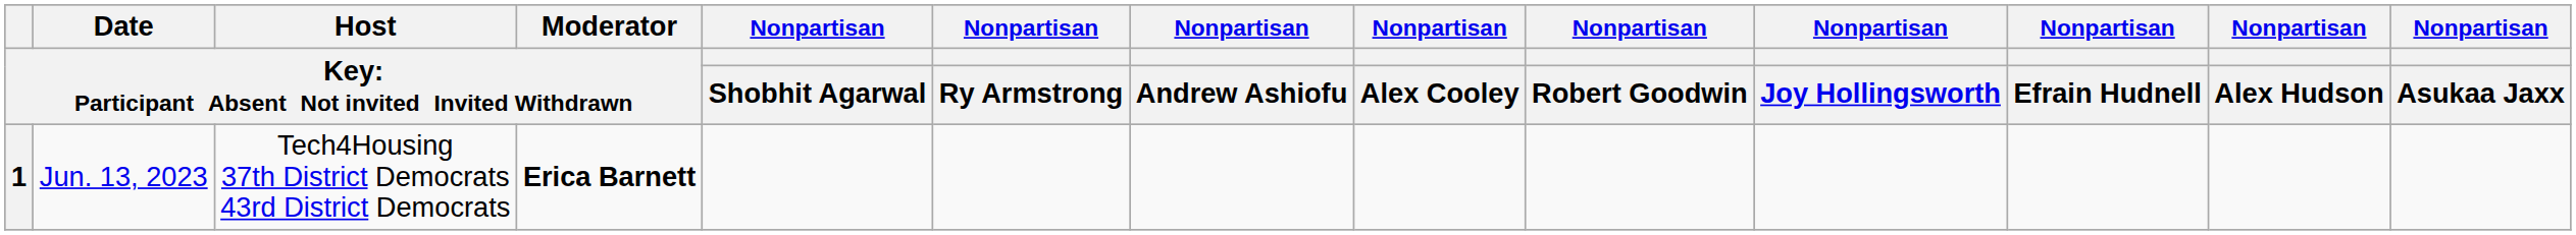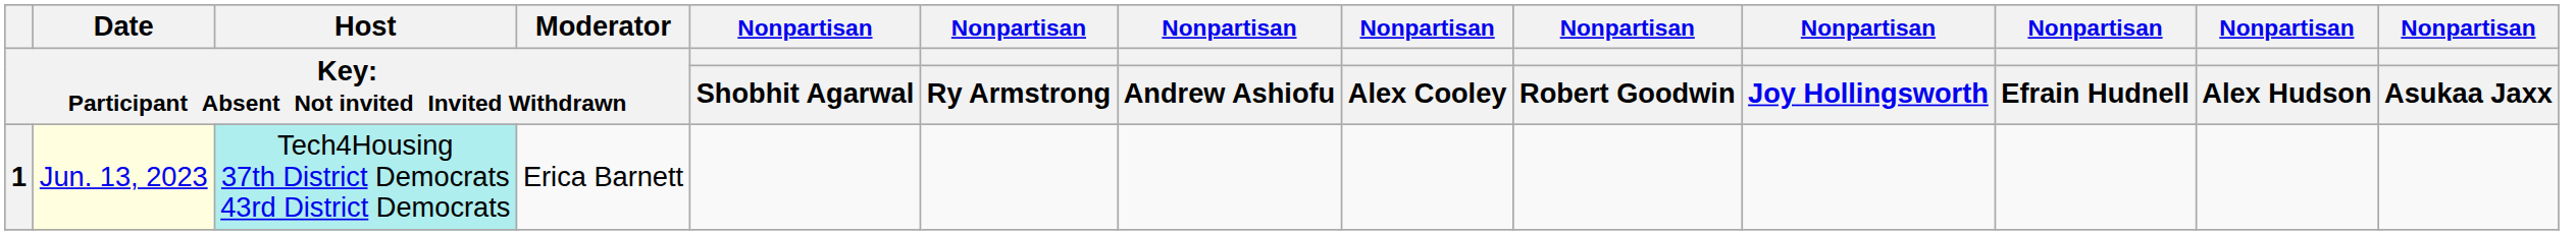 <table class="wikitable" style="text-align:center;">
 <tr>
 <th scope="col"></th>
 <th scope="col">Date</th>
 <th scope="col">Host</th>
 <th scope="col">Moderator</th>
 <th scope="col"><small><a href='#'>Nonpartisan</a></small></th>
 <th scope="col"><small><a href='#'>Nonpartisan</a></small></th>
 <th scope="col"><small><a href='#'>Nonpartisan</a></small></th>
 <th scope="col"><small><a href='#'>Nonpartisan</a></small></th>
 <th scope="col"><small><a href='#'>Nonpartisan</a></small></th>
 <th scope="col"><small><a href='#'>Nonpartisan</a></small></th>
 <th scope="col"><small><a href='#'>Nonpartisan</a></small></th>
 <th scope="col"><small><a href='#'>Nonpartisan</a></small></th>
 <th scope="col"><small><a href='#'>Nonpartisan</a></small></th>
 </tr>
 <tr>
 <th colspan="4" rowspan="2">Key:<br> <small>Participant </small>  <small>Absent </small>  <small>Not invited </small>  <small>Invited  Withdrawn</small></th>
 <th scope="col" style="background:"></th>
 <th scope="col" style="background:"></th>
 <th scope="col" style="background:"></th>
 <th scope="col" style="background:"></th>
 <th scope="col" style="background:"></th>
 <th scope="col" style="background:"></th>
 <th scope="col" style="background:"></th>
 <th scope="col" style="background:"></th>
 <th scope="col" style="background:"></th>
 </tr>
 <tr>
 <th scope="col">Shobhit Agarwal</th>
 <th scope="col">Ry Armstrong</th>
 <th scope="col">Andrew Ashiofu</th>
 <th scope="col">Alex Cooley</th>
 <th scope="col">Robert Goodwin</th>
 <th scope="col"><a href='#'>Joy Hollingsworth</a></th>
 <th scope="col">Efrain Hudnell</th>
 <th scope="col">Alex Hudson</th>
 <th scope="col">Asukaa Jaxx</th>
 </tr>
 <tr>
 <th>1</th>
-<td style="white-space:nowrap;"><a href='#'>Jun. 13, 2023</a></td>
-<td style="white-space:nowrap;">Tech4Housing<br><a href='#'>37th District</a> Democrats<br><a href='#'>43rd District</a> Democrats</td>
-<td style="white-space:nowrap;"><strong>Erica Barnett</strong></td>
+<td style="background: lightyellow; white-space:nowrap;"><a href='#'>Jun. 13, 2023</a></td>
+<td style="background: paleturquoise; white-space:nowrap;">Tech4Housing<br><a href='#'>37th District</a> Democrats<br><a href='#'>43rd District</a> Democrats</td>
+<td style="white-space:nowrap;">Erica Barnett</td>
 <td></td>
 <td></td>
 <td></td>
 <td></td>
 <td></td>
 <td></td>
 <td></td>
 <td></td>
 <td></td>
 </tr>
 </table>
